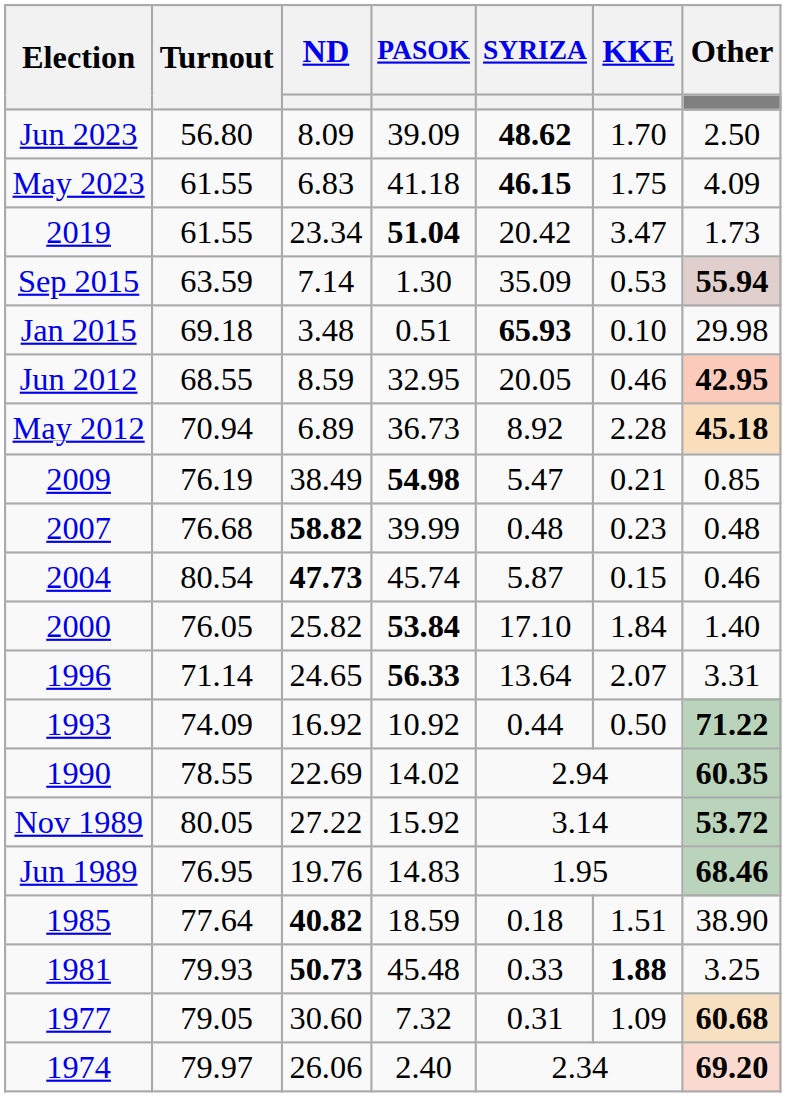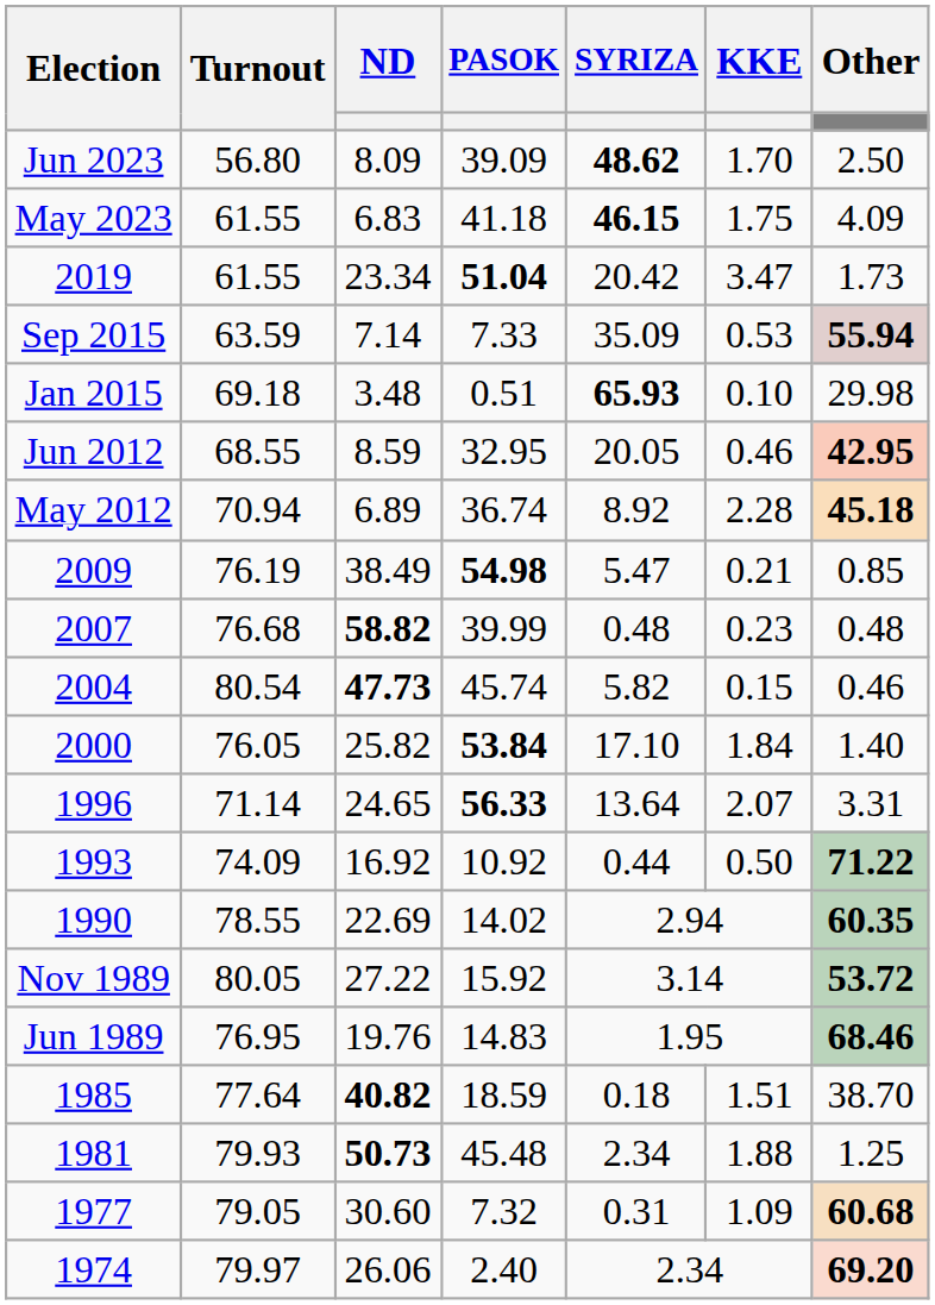 <table class="wikitable collapsible" style="text-align:center; font-size:95%; line-height:16px;">
 <tr style="height:42px;">
 <th rowspan="2">Election</th>
 <th rowspan="2" style="width:50px;">Turnout</th>
 <th style="width:35px;"><a href='#'>ND</a></th>
 <th style="width:35px; font-size:85%;"><a href='#'>PASOK</a></th>
 <th style="width:35px; font-size:85%;"><a href='#'>SYRIZA</a></th>
 <th style="width:35px;"><a href='#'>KKE</a></th>
 <th style="width:35px;">Other</th>
 </tr>
 <tr>
 <th style="color:inherit;background:"></th>
 <th style="color:inherit;background:"></th>
 <th style="color:inherit;background:"></th>
 <th style="color:inherit;background:"></th>
 <th style="color:inherit;background:Grey;"></th>
 </tr>
 <tr>
 <td><a href='#'>Jun 2023</a></td>
 <td>56.80</td>
 <td>8.09</td>
 <td>39.09</td>
 <td><strong>48.62</strong></td>
 <td>1.70</td>
 <td>2.50</td>
 </tr>
 <tr>
 <td><a href='#'>May 2023</a></td>
 <td>61.55</td>
 <td>6.83</td>
 <td>41.18</td>
 <td><strong>46.15</strong></td>
 <td>1.75</td>
 <td>4.09</td>
 </tr>
 <tr>
 <td><a href='#'>2019</a></td>
 <td>61.55</td>
 <td>23.34</td>
 <td><strong>51.04</strong></td>
 <td>20.42</td>
 <td>3.47</td>
 <td>1.73</td>
 </tr>
 <tr>
 <td><a href='#'>Sep 2015</a></td>
 <td>63.59</td>
 <td>7.14</td>
-<td>1.30</td>
+<td>7.33</td>
 <td>35.09</td>
 <td>0.53</td>
 <td style="background:#e1cfce;"><strong>55.94</strong></td>
 </tr>
 <tr>
 <td><a href='#'>Jan 2015</a></td>
 <td>69.18</td>
 <td>3.48</td>
 <td>0.51</td>
 <td><strong>65.93</strong></td>
 <td>0.10</td>
 <td>29.98</td>
 </tr>
 <tr>
 <td><a href='#'>Jun 2012</a></td>
 <td>68.55</td>
 <td>8.59</td>
 <td>32.95</td>
 <td>20.05</td>
 <td>0.46</td>
 <td style="background:#facbbb;"><strong>42.95</strong></td>
 </tr>
 <tr>
 <td><a href='#'>May 2012</a></td>
 <td>70.94</td>
 <td>6.89</td>
-<td>36.73</td>
+<td>36.74</td>
 <td>8.92</td>
 <td>2.28</td>
 <td style="background:#fadebb;"><strong>45.18</strong></td>
 </tr>
 <tr>
 <td><a href='#'>2009</a></td>
 <td>76.19</td>
 <td>38.49</td>
 <td><strong>54.98</strong></td>
 <td>5.47</td>
 <td>0.21</td>
 <td>0.85</td>
 </tr>
 <tr>
 <td><a href='#'>2007</a></td>
 <td>76.68</td>
 <td><strong>58.82</strong></td>
 <td>39.99</td>
 <td>0.48</td>
 <td>0.23</td>
 <td>0.48</td>
 </tr>
 <tr>
 <td><a href='#'>2004</a></td>
 <td>80.54</td>
 <td><strong>47.73</strong></td>
 <td>45.74</td>
-<td>5.87</td>
+<td>5.82</td>
 <td>0.15</td>
 <td>0.46</td>
 </tr>
 <tr>
 <td><a href='#'>2000</a></td>
 <td>76.05</td>
 <td>25.82</td>
 <td><strong>53.84</strong></td>
 <td>17.10</td>
 <td>1.84</td>
 <td>1.40</td>
 </tr>
 <tr>
 <td><a href='#'>1996</a></td>
 <td>71.14</td>
 <td>24.65</td>
 <td><strong>56.33</strong></td>
 <td>13.64</td>
 <td>2.07</td>
 <td>3.31</td>
 </tr>
 <tr>
 <td><a href='#'>1993</a></td>
 <td>74.09</td>
 <td>16.92</td>
 <td>10.92</td>
 <td>0.44</td>
 <td>0.50</td>
 <td style="background:#bad4bb;"><strong>71.22</strong></td>
 </tr>
 <tr>
 <td><a href='#'>1990</a></td>
 <td>78.55</td>
 <td>22.69</td>
 <td>14.02</td>
 <td colspan="2">2.94</td>
 <td style="background:#bad4bb;"><strong>60.35</strong></td>
 </tr>
 <tr>
 <td><a href='#'>Nov 1989</a></td>
 <td>80.05</td>
 <td>27.22</td>
 <td>15.92</td>
 <td colspan="2">3.14</td>
 <td style="background:#bad4bb;"><strong>53.72</strong></td>
 </tr>
 <tr>
 <td><a href='#'>Jun 1989</a></td>
 <td>76.95</td>
 <td>19.76</td>
 <td>14.83</td>
 <td colspan="2">1.95</td>
 <td style="background:#bad4bb;"><strong>68.46</strong></td>
 </tr>
 <tr>
 <td><a href='#'>1985</a></td>
 <td>77.64</td>
 <td><strong>40.82</strong></td>
 <td>18.59</td>
 <td>0.18</td>
 <td>1.51</td>
-<td>38.90</td>
+<td>38.70</td>
 </tr>
 <tr>
 <td><a href='#'>1981</a></td>
 <td>79.93</td>
 <td><strong>50.73</strong></td>
 <td>45.48</td>
-<td>0.33</td>
-<td><strong>1.88</strong></td>
-<td>3.25</td>
+<td>2.34</td>
+<td>1.88</td>
+<td>1.25</td>
 </tr>
 <tr>
 <td><a href='#'>1977</a></td>
 <td>79.05</td>
 <td>30.60</td>
 <td>7.32</td>
 <td>0.31</td>
 <td>1.09</td>
 <td style="background:#f7dfc1;"><strong>60.68</strong></td>
 </tr>
 <tr>
 <td><a href='#'>1974</a></td>
 <td>79.97</td>
 <td>26.06</td>
 <td>2.40</td>
 <td colspan="2">2.34</td>
 <td style="background:#fadacf;"><strong>69.20</strong></td>
 </tr>
 </table>
